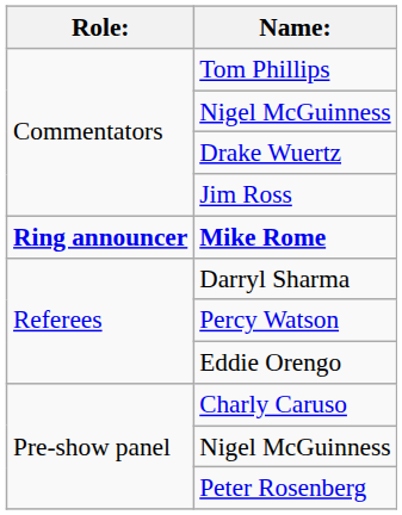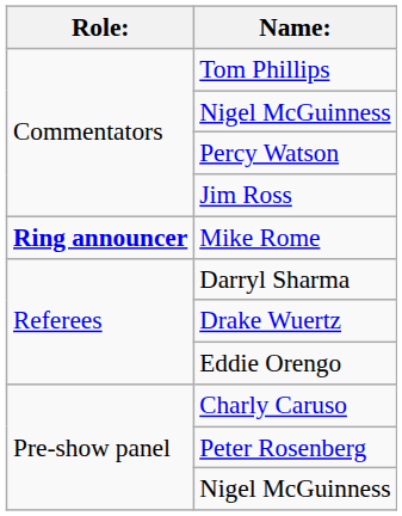 <table class=wikitable style="font-size:90%; margin: 0.5em 0 0.5em 1em; float: right; clear: right;">
 <tr>
 <th>Role:</th>
 <th>Name:</th>
 </tr>
 <tr>
 <td rowspan=4>Commentators</td>
 <td><a href='#'>Tom Phillips</a></td>
 </tr>
 <tr>
 <td><a href='#'>Nigel McGuinness</a></td>
 </tr>
 <tr>
-<td><a href='#'>Drake Wuertz</a></td>
+<td><a href='#'>Percy Watson</a></td>
 </tr>
 <tr>
 <td><a href='#'>Jim Ross</a> </td>
 </tr>
 <tr>
 <td rowspan=1><strong><a href='#'>Ring announcer</a></strong></td>
-<td><strong><a href='#'>Mike Rome</a></strong></td>
+<td><a href='#'>Mike Rome</a></td>
 </tr>
 <tr>
 <td rowspan=3><a href='#'>Referees</a></td>
 <td>Darryl Sharma</td>
 </tr>
 <tr>
-<td><a href='#'>Percy Watson</a></td>
+<td><a href='#'>Drake Wuertz</a></td>
 </tr>
 <tr>
 <td>Eddie Orengo</td>
 </tr>
 <tr>
 <td rowspan=3>Pre-show panel</td>
 <td><a href='#'>Charly Caruso</a></td>
 </tr>
 <tr>
+<td><a href='#'>Peter Rosenberg</a></td>
+</tr>
+<tr>
 <td>Nigel McGuinness</td>
 </tr>
-<tr>
-<td><a href='#'>Peter Rosenberg</a></td>
-</tr>
 </table>
